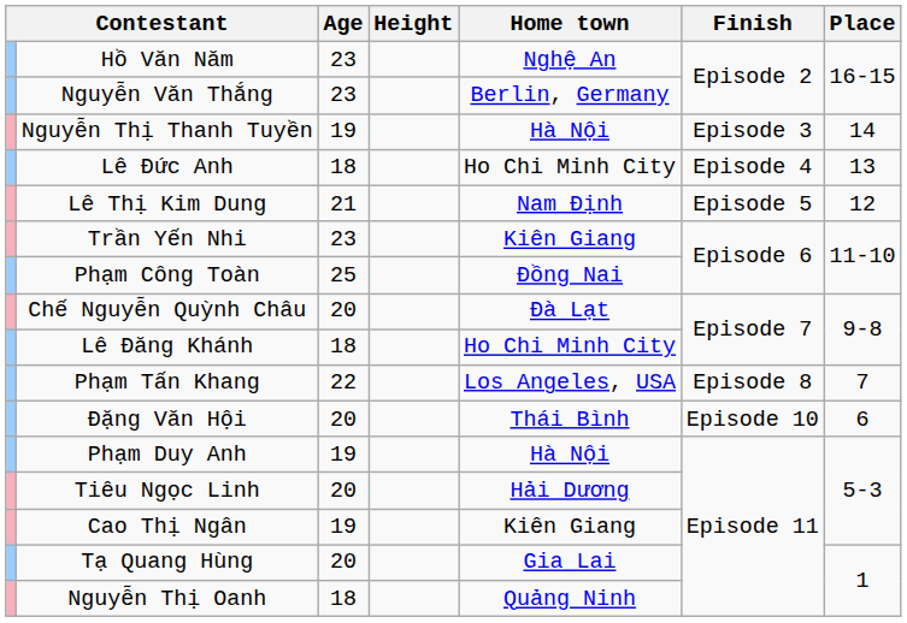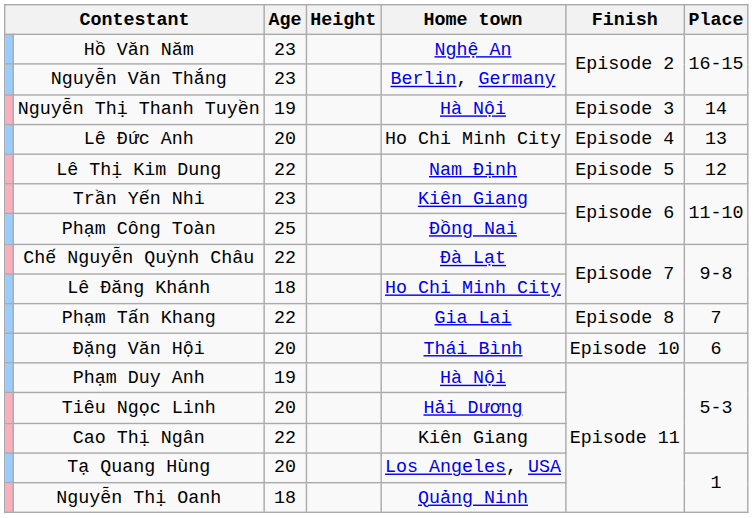 <table class="wikitable sortable" style="text-align:center;">
 <tr>
 <th colspan="2">Contestant</th>
 <th>Age</th>
 <th>Height</th>
 <th>Home town</th>
 <th>Finish</th>
 <th>Place</th>
 </tr>
 <tr>
 <th style="background:#9cf;"></th>
 <td>Hồ Văn Năm</td>
 <td>23</td>
 <td></td>
 <td><a href='#'>Nghệ An</a></td>
 <td rowspan="2">Episode 2</td>
 <td rowspan="2">16-15</td>
 </tr>
 <tr>
 <th style="background:#9cf;"></th>
 <td>Nguyễn Văn Thắng</td>
 <td>23</td>
 <td></td>
 <td><a href='#'>Berlin</a>, <a href='#'>Germany</a></td>
 </tr>
 <tr>
 <th style="background:#faafbe"></th>
 <td>Nguyễn Thị Thanh Tuyền</td>
 <td>19</td>
 <td></td>
 <td><a href='#'>Hà Nội</a></td>
 <td>Episode 3</td>
 <td>14</td>
 </tr>
 <tr>
 <th style="background:#9cf;"></th>
 <td>Lê Đức Anh</td>
-<td>18</td>
+<td>20</td>
 <td></td>
 <td>Ho Chi Minh City</td>
 <td>Episode 4</td>
 <td>13</td>
 </tr>
 <tr>
 <th style="background:#faafbe"></th>
 <td>Lê Thị Kim Dung</td>
-<td>21</td>
+<td>22</td>
 <td></td>
 <td><a href='#'>Nam Định</a></td>
 <td>Episode 5</td>
 <td>12</td>
 </tr>
 <tr>
 <th style="background:#faafbe"></th>
 <td>Trần Yến Nhi</td>
 <td>23</td>
 <td></td>
 <td><a href='#'>Kiên Giang</a></td>
 <td rowspan="2">Episode 6</td>
 <td rowspan="2">11-10</td>
 </tr>
 <tr>
 <th style="background:#9cf;"></th>
 <td>Phạm Công Toàn</td>
 <td>25</td>
 <td></td>
 <td><a href='#'>Đồng Nai</a></td>
 </tr>
 <tr>
 <th style="background:#faafbe"></th>
 <td>Chế Nguyễn Quỳnh Châu</td>
-<td>20</td>
+<td>22</td>
 <td></td>
 <td><a href='#'>Đà Lạt</a></td>
 <td rowspan="2">Episode 7</td>
 <td rowspan="2">9-8</td>
 </tr>
 <tr>
 <th style="background:#9cf;"></th>
 <td>Lê Đăng Khánh</td>
 <td>18</td>
 <td></td>
 <td><a href='#'>Ho Chi Minh City</a></td>
 </tr>
 <tr>
 <th style="background:#9cf;"></th>
 <td>Phạm Tấn Khang</td>
 <td>22</td>
 <td></td>
-<td><a href='#'>Los Angeles</a>, <a href='#'>USA</a></td>
+<td><a href='#'>Gia Lai</a></td>
 <td>Episode 8</td>
 <td>7</td>
 </tr>
 <tr>
 <th style="background:#9cf;"></th>
 <td>Đặng Văn Hội</td>
 <td>20</td>
 <td></td>
 <td><a href='#'>Thái Bình</a></td>
 <td>Episode 10</td>
 <td>6</td>
 </tr>
 <tr>
 <th style="background:#9cf;"></th>
 <td>Phạm Duy Anh</td>
 <td>19</td>
 <td></td>
 <td><a href='#'>Hà Nội</a></td>
 <td rowspan="5">Episode 11</td>
 <td rowspan="3">5-3</td>
 </tr>
 <tr>
 <th style="background:#faafbe"></th>
 <td>Tiêu Ngọc Linh</td>
 <td>20</td>
 <td></td>
 <td><a href='#'>Hải Dương</a></td>
 </tr>
 <tr>
 <th style="background:#faafbe"></th>
 <td>Cao Thị Ngân</td>
-<td>19</td>
+<td>22</td>
 <td></td>
 <td>Kiên Giang</td>
 </tr>
 <tr>
 <th style="background:#9cf;"></th>
 <td>Tạ Quang Hùng</td>
 <td>20</td>
 <td></td>
-<td><a href='#'>Gia Lai</a></td>
+<td><a href='#'>Los Angeles</a>, <a href='#'>USA</a></td>
 <td rowspan="2">1</td>
 </tr>
 <tr>
 <th style="background:#faafbe"></th>
 <td>Nguyễn Thị Oanh</td>
 <td>18</td>
 <td></td>
 <td><a href='#'>Quảng Ninh</a></td>
 </tr>
 </table>
